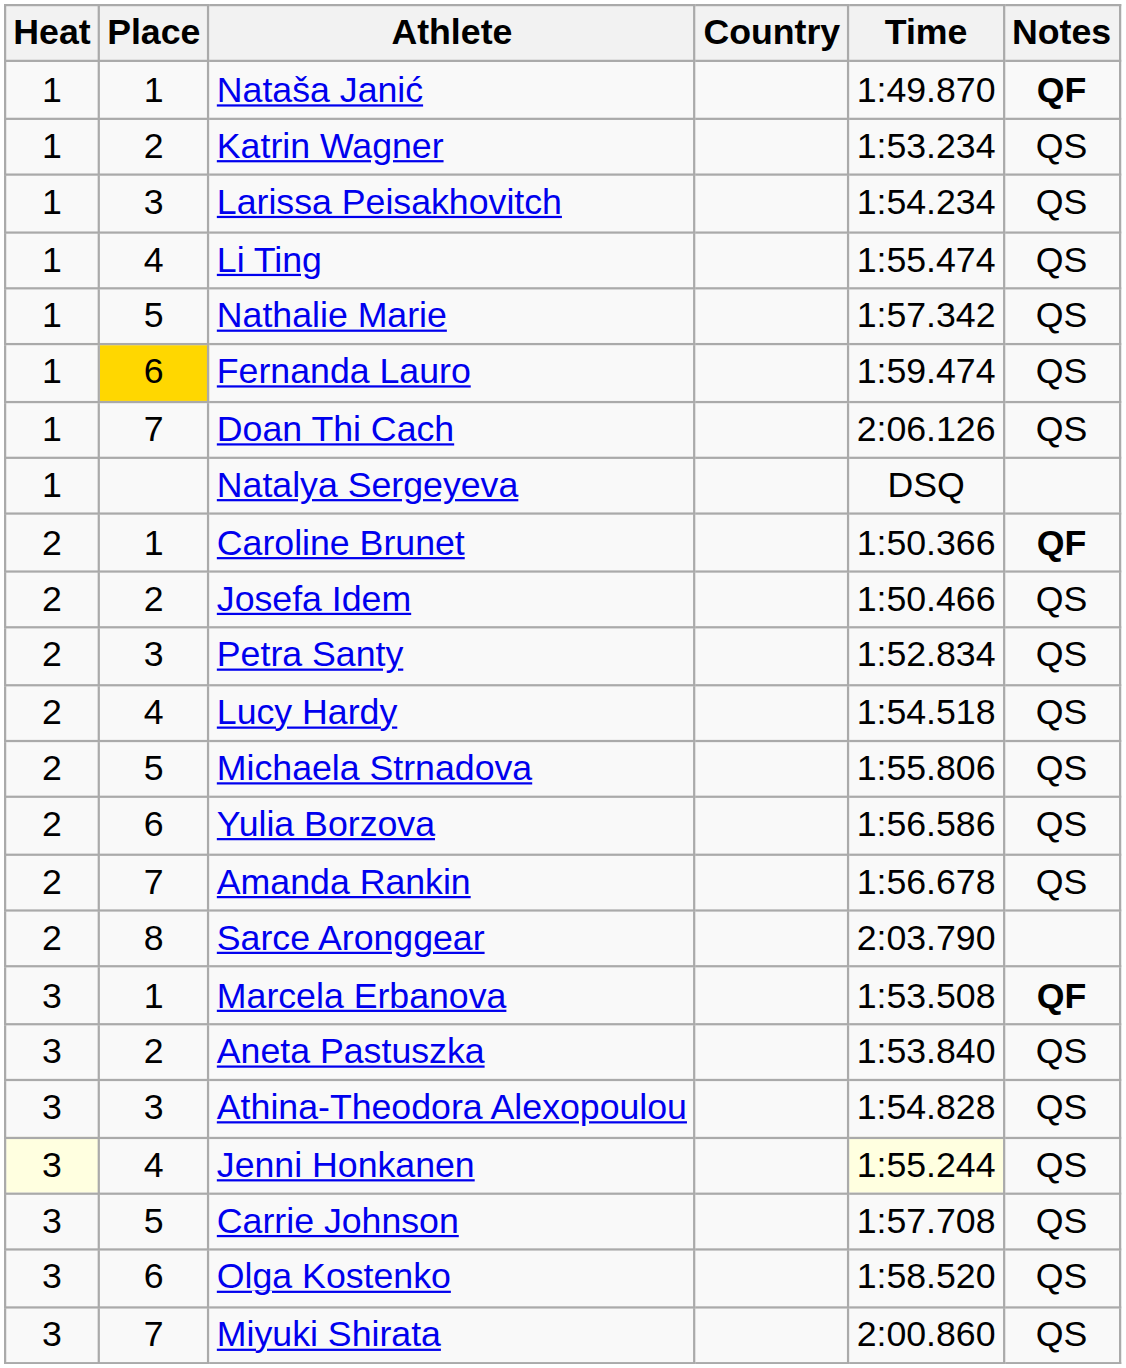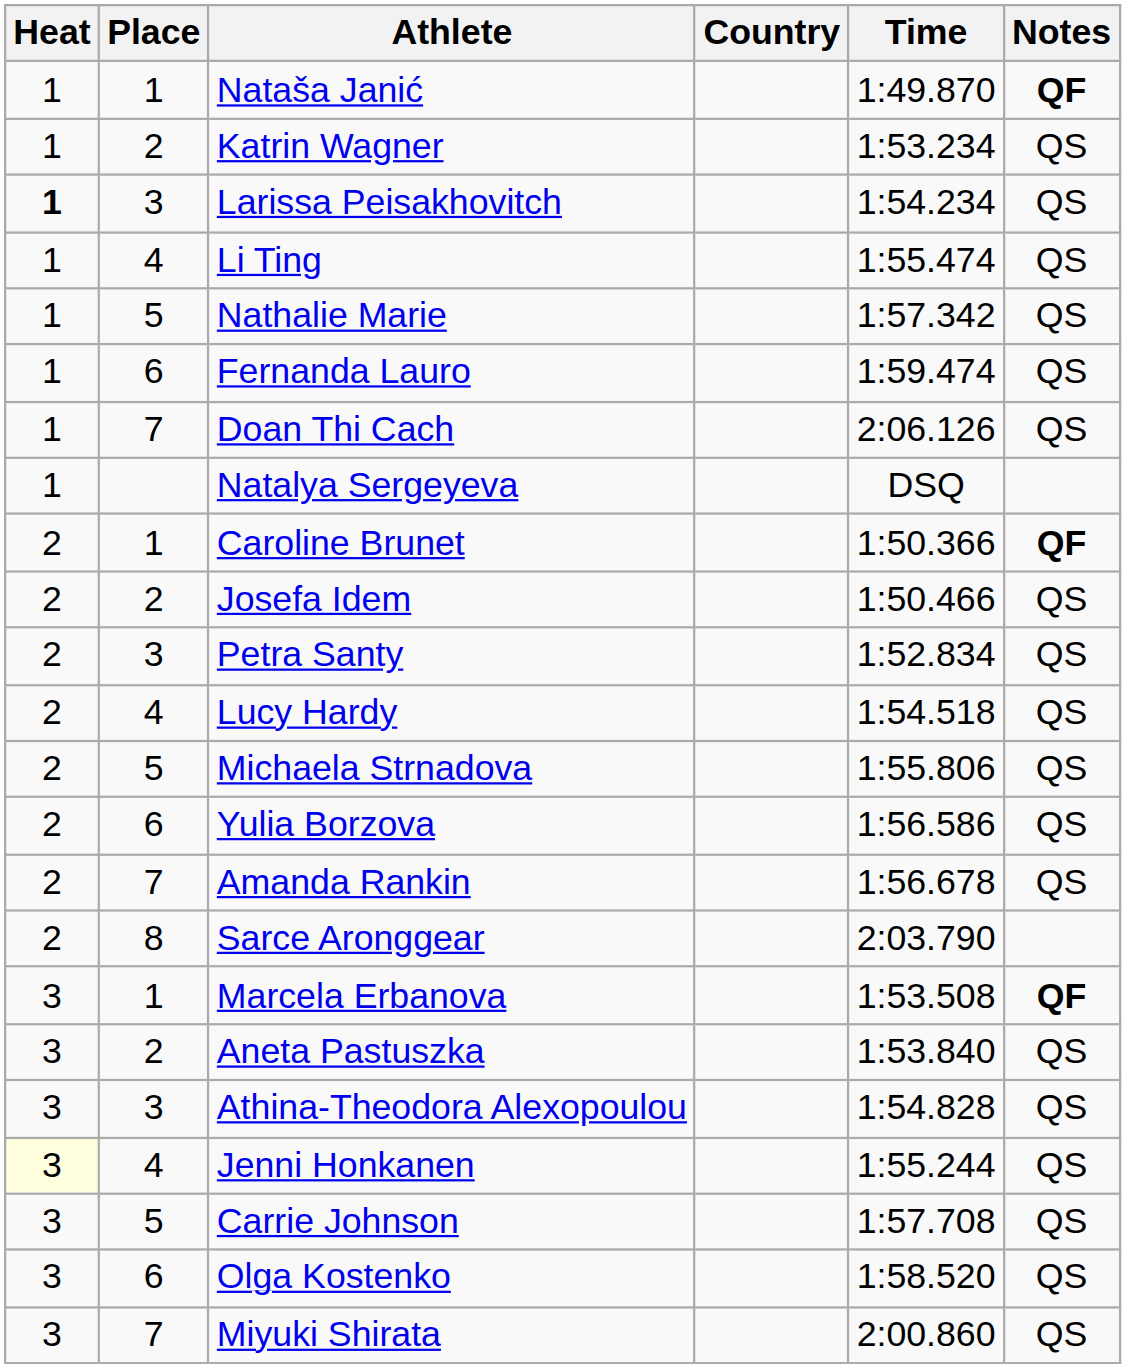 <table class="wikitable sortable" style="text-align:center">
 <tr>
 <th>Heat</th>
 <th>Place</th>
 <th>Athlete</th>
 <th>Country</th>
 <th>Time</th>
 <th>Notes</th>
 </tr>
 <tr>
 <td>1</td>
 <td>1</td>
 <td align=left><a href='#'>Nataša Janić</a></td>
 <td></td>
 <td width=60>1:49.870</td>
 <td><strong>QF</strong></td>
 </tr>
 <tr>
 <td>1</td>
 <td>2</td>
 <td align=left><a href='#'>Katrin Wagner</a></td>
 <td></td>
 <td>1:53.234</td>
 <td>QS</td>
 </tr>
 <tr>
-<td>1</td>
+<td><strong>1</strong></td>
 <td>3</td>
 <td align=left><a href='#'>Larissa Peisakhovitch</a></td>
 <td></td>
 <td>1:54.234</td>
 <td>QS</td>
 </tr>
 <tr>
 <td>1</td>
 <td>4</td>
 <td align=left><a href='#'>Li Ting</a></td>
 <td></td>
 <td>1:55.474</td>
 <td>QS</td>
 </tr>
 <tr>
 <td>1</td>
 <td>5</td>
 <td align=left><a href='#'>Nathalie Marie</a></td>
 <td></td>
 <td>1:57.342</td>
 <td>QS</td>
 </tr>
 <tr>
 <td>1</td>
-<td style="background: gold;">6</td>
+<td>6</td>
 <td align=left><a href='#'>Fernanda Lauro</a></td>
 <td></td>
 <td>1:59.474</td>
 <td>QS</td>
 </tr>
 <tr>
 <td>1</td>
 <td>7</td>
 <td align=left><a href='#'>Doan Thi Cach</a></td>
 <td></td>
 <td>2:06.126</td>
 <td>QS</td>
 </tr>
 <tr>
 <td>1</td>
 <td></td>
 <td align=left><a href='#'>Natalya Sergeyeva</a></td>
 <td></td>
 <td>DSQ</td>
 </tr>
 <tr>
 <td>2</td>
 <td>1</td>
 <td align=left><a href='#'>Caroline Brunet</a></td>
 <td></td>
 <td>1:50.366</td>
 <td><strong>QF</strong></td>
 </tr>
 <tr>
 <td>2</td>
 <td>2</td>
 <td align=left><a href='#'>Josefa Idem</a></td>
 <td></td>
 <td>1:50.466</td>
 <td>QS</td>
 </tr>
 <tr>
 <td>2</td>
 <td>3</td>
 <td align=left><a href='#'>Petra Santy</a></td>
 <td></td>
 <td>1:52.834</td>
 <td>QS</td>
 </tr>
 <tr>
 <td>2</td>
 <td>4</td>
 <td align=left><a href='#'>Lucy Hardy</a></td>
 <td></td>
 <td>1:54.518</td>
 <td>QS</td>
 </tr>
 <tr>
 <td>2</td>
 <td>5</td>
 <td align=left><a href='#'>Michaela Strnadova</a></td>
 <td></td>
 <td>1:55.806</td>
 <td>QS</td>
 </tr>
 <tr>
 <td>2</td>
 <td>6</td>
 <td align=left><a href='#'>Yulia Borzova</a></td>
 <td></td>
 <td>1:56.586</td>
 <td>QS</td>
 </tr>
 <tr>
 <td>2</td>
 <td>7</td>
 <td align=left><a href='#'>Amanda Rankin</a></td>
 <td></td>
 <td>1:56.678</td>
 <td>QS</td>
 </tr>
 <tr>
 <td>2</td>
 <td>8</td>
 <td align=left><a href='#'>Sarce Aronggear</a></td>
 <td></td>
 <td>2:03.790</td>
 <td></td>
 </tr>
 <tr>
 <td>3</td>
 <td>1</td>
 <td align=left><a href='#'>Marcela Erbanova</a></td>
 <td></td>
 <td>1:53.508</td>
 <td><strong>QF</strong></td>
 </tr>
 <tr>
 <td>3</td>
 <td>2</td>
 <td align=left><a href='#'>Aneta Pastuszka</a></td>
 <td></td>
 <td>1:53.840</td>
 <td>QS</td>
 </tr>
 <tr>
 <td>3</td>
 <td>3</td>
 <td align=left><a href='#'>Athina-Theodora Alexopoulou</a></td>
 <td></td>
 <td>1:54.828</td>
 <td>QS</td>
 </tr>
 <tr>
 <td style="background: lightyellow;">3</td>
 <td>4</td>
 <td align=left><a href='#'>Jenni Honkanen</a></td>
 <td></td>
-<td style="background: lightyellow;">1:55.244</td>
+<td>1:55.244</td>
 <td>QS</td>
 </tr>
 <tr>
 <td>3</td>
 <td>5</td>
 <td align=left><a href='#'>Carrie Johnson</a></td>
 <td></td>
 <td>1:57.708</td>
 <td>QS</td>
 </tr>
 <tr>
 <td>3</td>
 <td>6</td>
 <td align=left><a href='#'>Olga Kostenko</a></td>
 <td></td>
 <td>1:58.520</td>
 <td>QS</td>
 </tr>
 <tr>
 <td>3</td>
 <td>7</td>
 <td align=left><a href='#'>Miyuki Shirata</a></td>
 <td></td>
 <td>2:00.860</td>
 <td>QS</td>
 </tr>
 </table>
